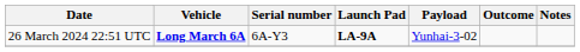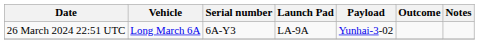 <table class=wikitable>
 <tr>
 <th>Date</th>
 <th>Vehicle</th>
 <th>Serial number</th>
 <th>Launch Pad</th>
 <th>Payload</th>
 <th>Outcome</th>
 <th>Notes</th>
 </tr>
 <tr>
 <td>26 March 2024 22:51 UTC</td>
-<td><strong><a href='#'>Long March 6A</a></strong></td>
+<td><a href='#'>Long March 6A</a></td>
 <td>6A-Y3</td>
-<td><strong>LA-9A</strong></td>
+<td>LA-9A</td>
 <td><a href='#'>Yunhai-3</a>-02</td>
 <td></td>
 <td></td>
 </tr>
 <tr>
 </tr>
 </table>
